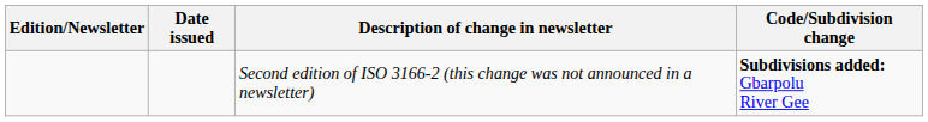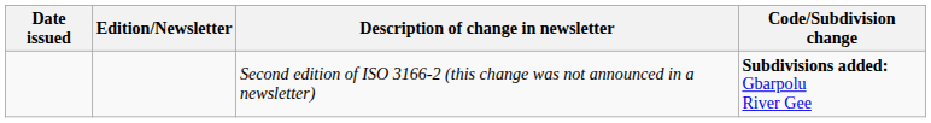 <table class="wikitable">
 <tr>
+<th>Date issued</th>
 <th>Edition/Newsletter</th>
-<th>Date issued</th>
 <th>Description of change in newsletter</th>
 <th>Code/Subdivision change</th>
 </tr>
 <tr>
+<td></td>
 <td id="II"></td>
-<td></td>
 <td><em>Second edition of ISO 3166-2 (this change was not announced in a newsletter)</em></td>
 <td style=white-space:nowrap><strong>Subdivisions added:</strong><br>  <a href='#'>Gbarpolu</a><br>  <a href='#'>River Gee</a></td>
 </tr>
 </table>
